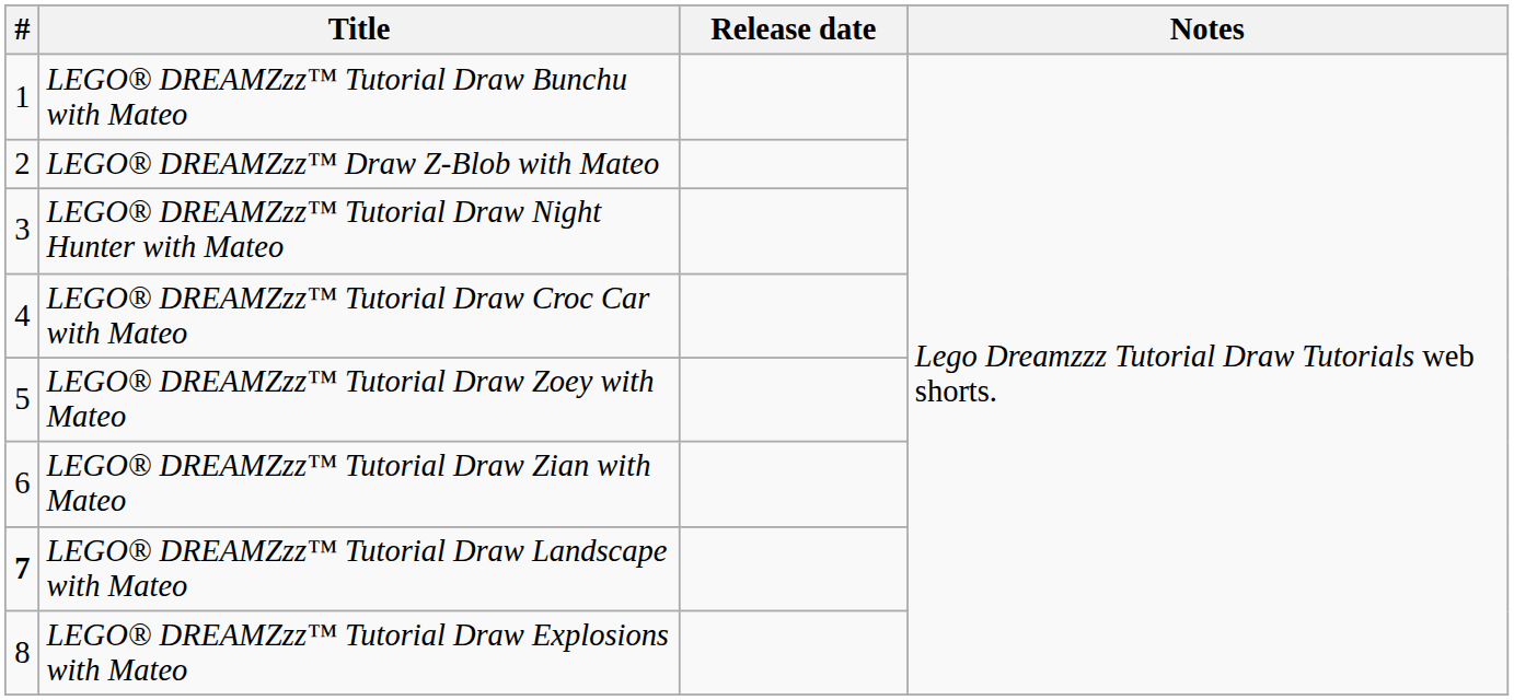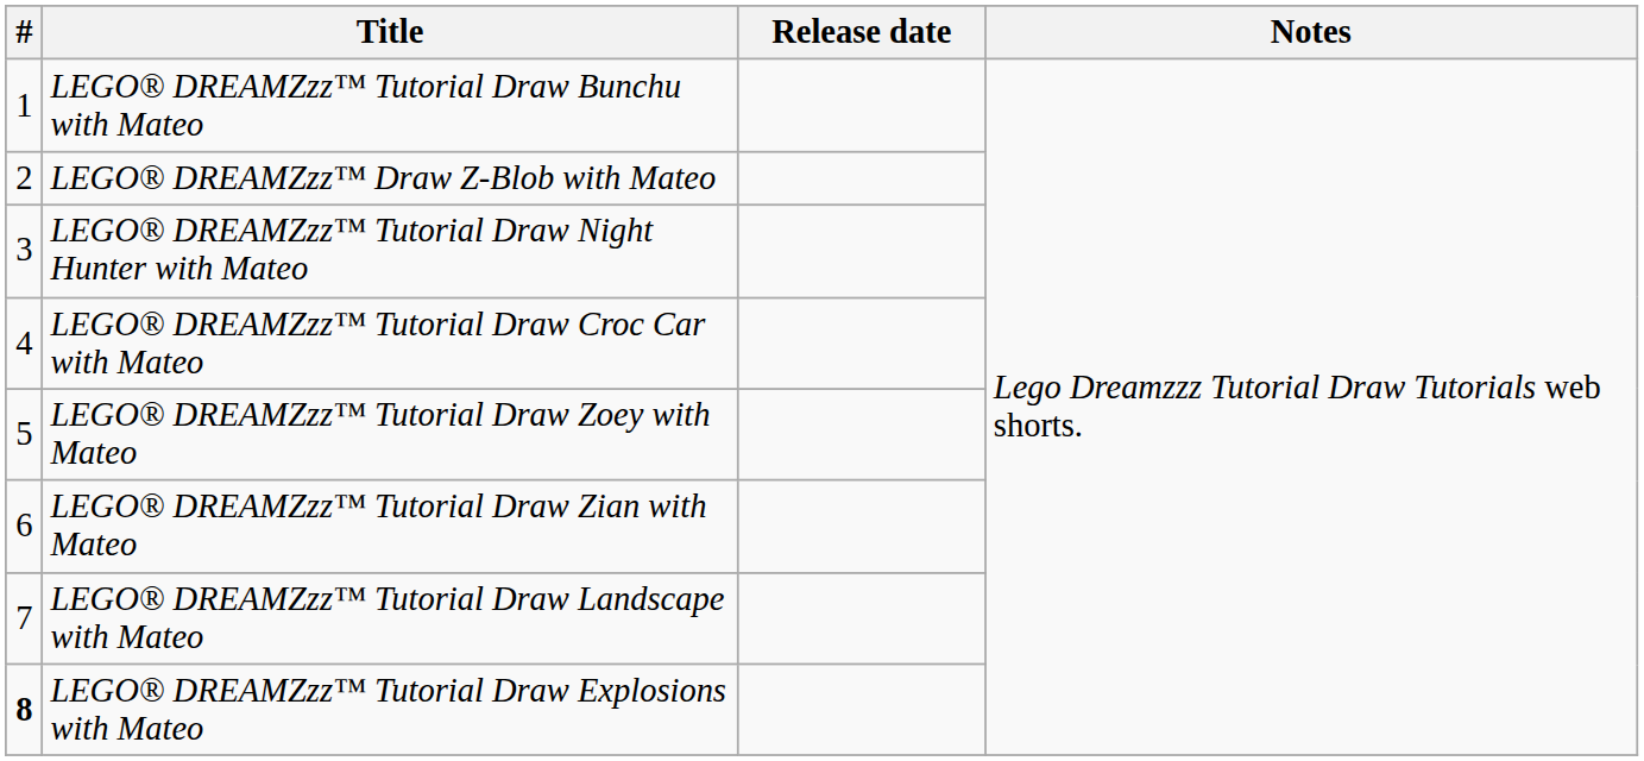 <table class="wikitable sortable">
 <tr>
 <th width=10>#</th>
 <th width=321>Title</th>
 <th width=110>Release date</th>
 <th width=300>Notes</th>
 </tr>
 <tr>
 <td align="center">1</td>
 <td><em>LEGO® DREAMZzz™ Tutorial Draw Bunchu with Mateo</em></td>
 <td align="right"></td>
 <td rowspan="8"><em>Lego Dreamzzz Tutorial Draw Tutorials</em> web shorts.</td>
 </tr>
 <tr>
 <td align="center">2</td>
 <td><em>LEGO® DREAMZzz™ Draw Z-Blob with Mateo</em></td>
 <td align="right"></td>
 </tr>
 <tr>
 <td align="center">3</td>
 <td><em>LEGO® DREAMZzz™ Tutorial Draw Night Hunter with Mateo</em></td>
 <td align="right"></td>
 </tr>
 <tr>
 <td align="center">4</td>
 <td><em>LEGO® DREAMZzz™ Tutorial Draw Croc Car with Mateo</em></td>
 <td align="right"></td>
 </tr>
 <tr>
 <td align="center">5</td>
 <td><em>LEGO® DREAMZzz™ Tutorial Draw Zoey with Mateo</em></td>
 <td align="right"></td>
 </tr>
 <tr>
 <td align="center">6</td>
 <td><em>LEGO® DREAMZzz™ Tutorial Draw Zian with Mateo</em></td>
 <td align="right"></td>
 </tr>
 <tr>
-<td align="center"><strong>7</strong></td>
+<td align="center">7</td>
 <td><em>LEGO® DREAMZzz™ Tutorial Draw Landscape with Mateo</em></td>
 <td align="right"></td>
 </tr>
 <tr>
-<td align="center">8</td>
+<td align="center"><strong>8</strong></td>
 <td><em>LEGO® DREAMZzz™ Tutorial Draw Explosions with Mateo</em></td>
 <td align="right"></td>
 </tr>
 </table>
